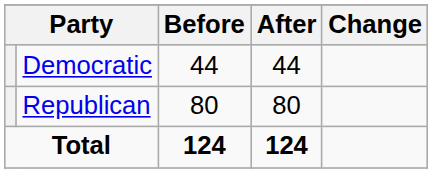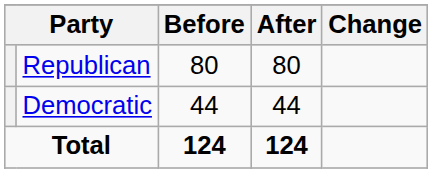 <table class="wikitable" style="text-align:center;">
 <tr>
 </tr>
 <tr>
 <th colspan=2>Party</th>
 <th>Before</th>
 <th>After</th>
 <th>Change</th>
 </tr>
 <tr>
 <th style="background-color:"></th>
-<td style="text-align:left;"><a href='#'>Democratic</a></td>
-<td>44</td>
-<td>44</td>
+<td style="text-align:left;"><a href='#'>Republican</a></td>
+<td>80</td>
+<td>80</td>
 <td></td>
 </tr>
 <tr>
 <th style="background-color:"></th>
-<td style="text-align:left;"><a href='#'>Republican</a></td>
-<td>80</td>
-<td>80</td>
+<td style="text-align:left;"><a href='#'>Democratic</a></td>
+<td>44</td>
+<td>44</td>
 <td></td>
 </tr>
 <tr>
 <td colspan=2><strong>Total</strong></td>
 <td><strong>124</strong></td>
 <td><strong>124</strong></td>
 <td></td>
 </tr>
 </table>
